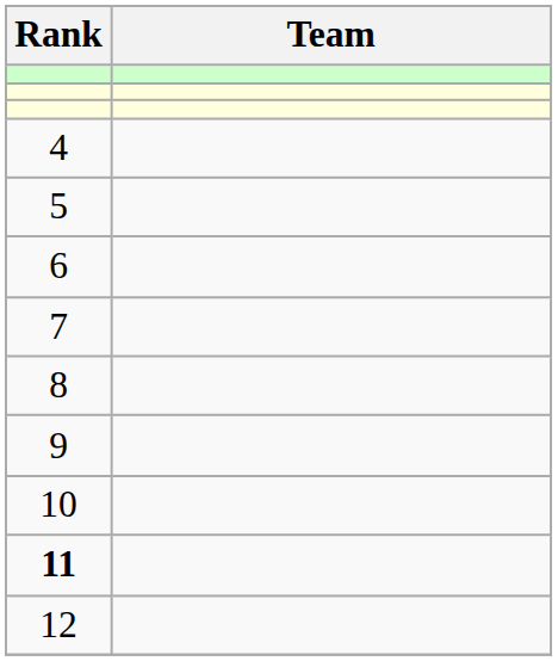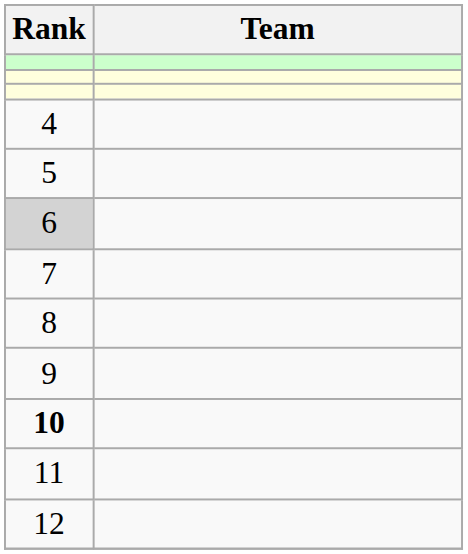 <table class=wikitable style="text-align:center;">
 <tr>
 <th>Rank</th>
 <th width=180>Team</th>
 </tr>
 <tr bgcolor=ccffcc>
 <td></td>
 <td align=left></td>
 </tr>
 <tr bgcolor=#ffffdd>
 <td></td>
 <td align=left></td>
 </tr>
 <tr bgcolor=#ffffdd>
 <td></td>
 <td align=left></td>
 </tr>
 <tr>
 <td>4</td>
 <td align=left></td>
 </tr>
 <tr>
 <td>5</td>
 <td align=left></td>
 </tr>
 <tr>
-<td>6</td>
+<td style="background: lightgrey;">6</td>
 <td align=left></td>
 </tr>
 <tr>
 <td>7</td>
 <td align=left></td>
 </tr>
 <tr>
 <td>8</td>
 <td align=left></td>
 </tr>
 <tr>
 <td>9</td>
 <td align=left></td>
 </tr>
 <tr>
-<td>10</td>
+<td><strong>10</strong></td>
 <td align=left></td>
 </tr>
 <tr>
-<td><strong>11</strong></td>
+<td>11</td>
 <td align=left></td>
 </tr>
 <tr>
 <td>12</td>
 <td align=left></td>
 </tr>
 <tr>
 </tr>
 </table>
